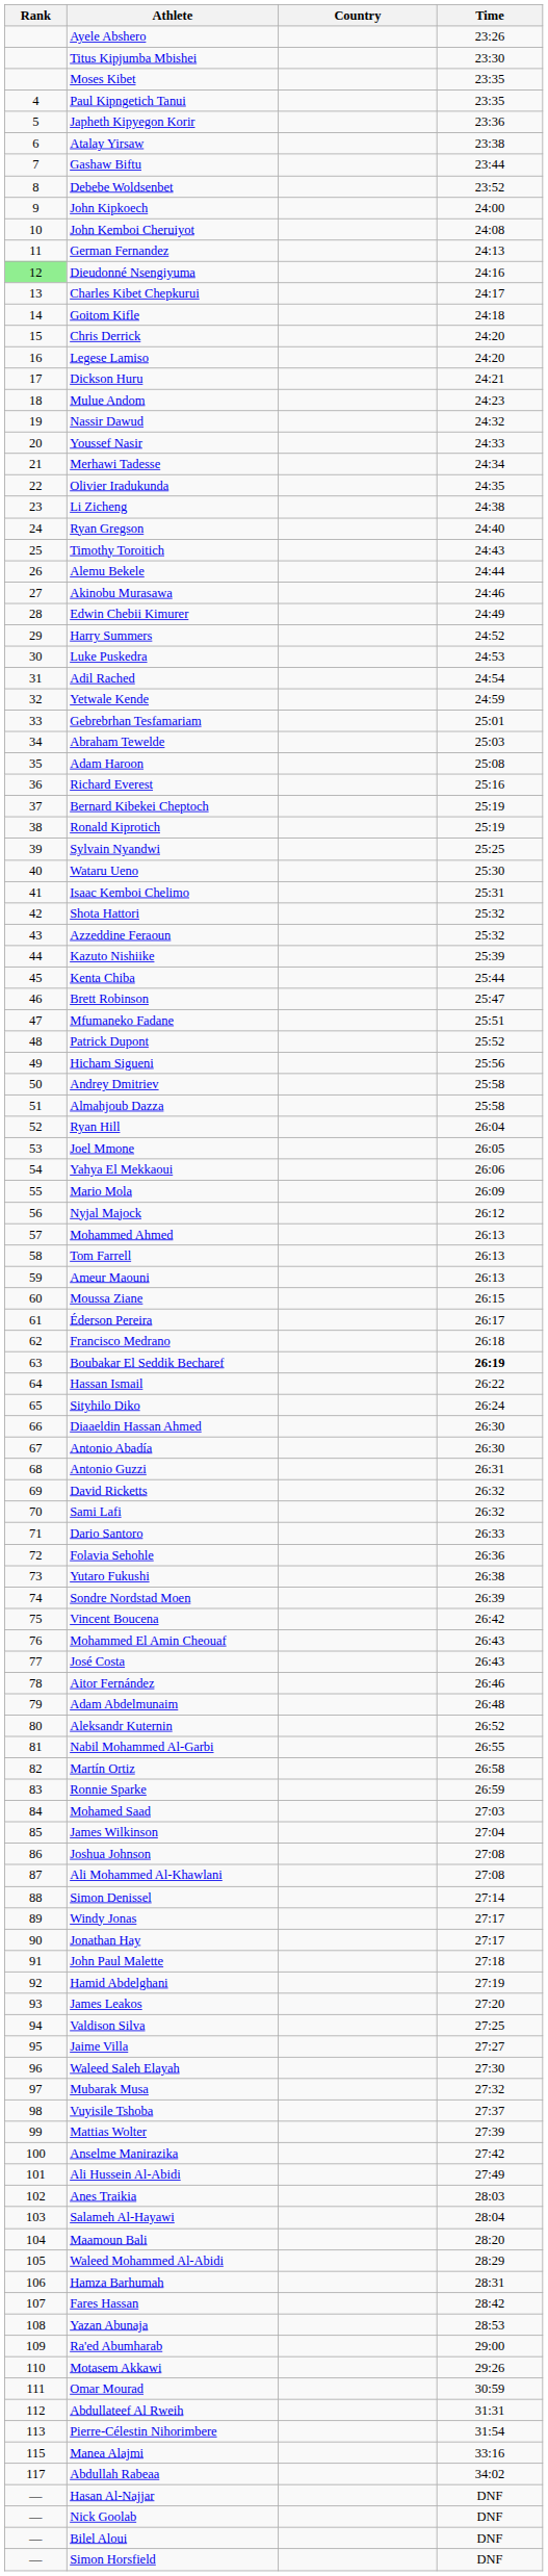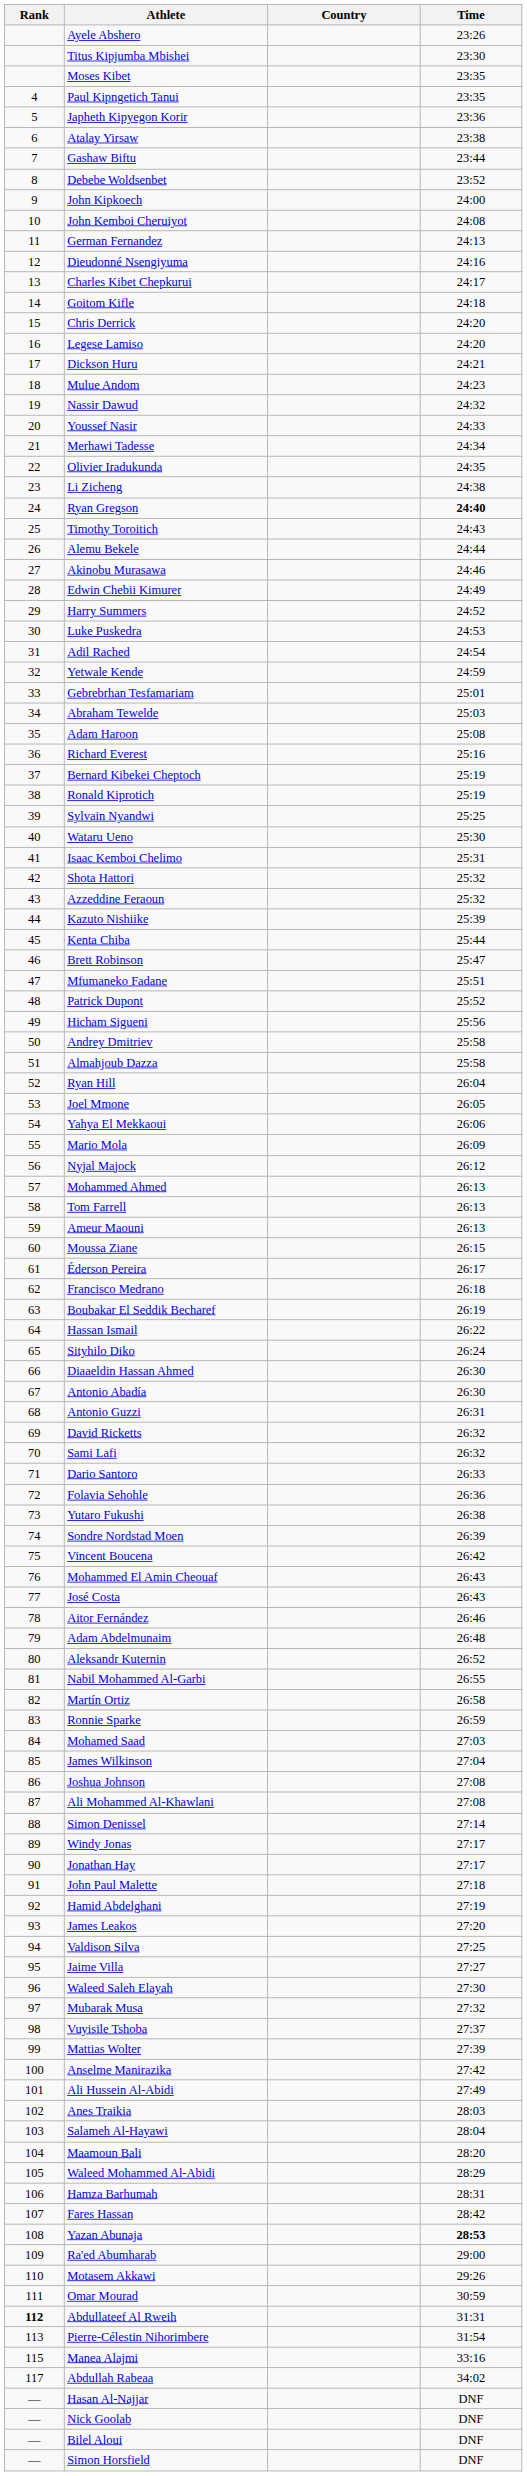 <table class="wikitable sortable" style=" text-align:center; font-size:95%;" width="50%">
 <tr>
 <th width=5%>Rank</th>
 <th width=20%>Athlete</th>
 <th width=15%>Country</th>
 <th width=10%>Time</th>
 </tr>
 <tr>
 <td align=center></td>
 <td align=left><a href='#'>Ayele Abshero</a></td>
 <td align=left></td>
 <td>23:26</td>
 </tr>
 <tr>
 <td align=center></td>
 <td align=left><a href='#'>Titus Kipjumba Mbishei</a></td>
 <td align=left></td>
 <td>23:30</td>
 </tr>
 <tr>
 <td align=center></td>
 <td align=left><a href='#'>Moses Kibet</a></td>
 <td align=left></td>
 <td>23:35</td>
 </tr>
 <tr>
 <td align=center>4</td>
 <td align=left><a href='#'>Paul Kipngetich Tanui</a></td>
 <td align=left></td>
 <td>23:35</td>
 </tr>
 <tr>
 <td align=center>5</td>
 <td align=left><a href='#'>Japheth Kipyegon Korir</a></td>
 <td align=left></td>
 <td>23:36</td>
 </tr>
 <tr>
 <td align=center>6</td>
 <td align=left><a href='#'>Atalay Yirsaw</a></td>
 <td align=left></td>
 <td>23:38</td>
 </tr>
 <tr>
 <td align=center>7</td>
 <td align=left><a href='#'>Gashaw Biftu</a></td>
 <td align=left></td>
 <td>23:44</td>
 </tr>
 <tr>
 <td align=center>8</td>
 <td align=left><a href='#'>Debebe Woldsenbet</a></td>
 <td align=left></td>
 <td>23:52</td>
 </tr>
 <tr>
 <td align=center>9</td>
 <td align=left><a href='#'>John Kipkoech</a></td>
 <td align=left></td>
 <td>24:00</td>
 </tr>
 <tr>
 <td align=center>10</td>
 <td align=left><a href='#'>John Kemboi Cheruiyot</a></td>
 <td align=left></td>
 <td>24:08</td>
 </tr>
 <tr>
 <td align=center>11</td>
 <td align=left><a href='#'>German Fernandez</a></td>
 <td align=left></td>
 <td>24:13</td>
 </tr>
 <tr>
-<td align=center style="background: lightgreen;">12</td>
+<td align=center>12</td>
 <td align=left><a href='#'>Dieudonné Nsengiyuma</a></td>
 <td align=left></td>
 <td>24:16</td>
 </tr>
 <tr>
 <td align=center>13</td>
 <td align=left><a href='#'>Charles Kibet Chepkurui</a></td>
 <td align=left></td>
 <td>24:17</td>
 </tr>
 <tr>
 <td align=center>14</td>
 <td align=left><a href='#'>Goitom Kifle</a></td>
 <td align=left></td>
 <td>24:18</td>
 </tr>
 <tr>
 <td align=center>15</td>
 <td align=left><a href='#'>Chris Derrick</a></td>
 <td align=left></td>
 <td>24:20</td>
 </tr>
 <tr>
 <td align=center>16</td>
 <td align=left><a href='#'>Legese Lamiso</a></td>
 <td align=left></td>
 <td>24:20</td>
 </tr>
 <tr>
 <td align=center>17</td>
 <td align=left><a href='#'>Dickson Huru</a></td>
 <td align=left></td>
 <td>24:21</td>
 </tr>
 <tr>
 <td align=center>18</td>
 <td align=left><a href='#'>Mulue Andom</a></td>
 <td align=left></td>
 <td>24:23</td>
 </tr>
 <tr>
 <td align=center>19</td>
 <td align=left><a href='#'>Nassir Dawud</a></td>
 <td align=left></td>
 <td>24:32</td>
 </tr>
 <tr>
 <td align=center>20</td>
 <td align=left><a href='#'>Youssef Nasir</a></td>
 <td align=left></td>
 <td>24:33</td>
 </tr>
 <tr>
 <td align=center>21</td>
 <td align=left><a href='#'>Merhawi Tadesse</a></td>
 <td align=left></td>
 <td>24:34</td>
 </tr>
 <tr>
 <td align=center>22</td>
 <td align=left><a href='#'>Olivier Iradukunda</a></td>
 <td align=left></td>
 <td>24:35</td>
 </tr>
 <tr>
 <td align=center>23</td>
 <td align=left><a href='#'>Li Zicheng</a></td>
 <td align=left></td>
 <td>24:38</td>
 </tr>
 <tr>
 <td align=center>24</td>
 <td align=left><a href='#'>Ryan Gregson</a></td>
 <td align=left></td>
-<td>24:40</td>
+<td><strong>24:40</strong></td>
 </tr>
 <tr>
 <td align=center>25</td>
 <td align=left><a href='#'>Timothy Toroitich</a></td>
 <td align=left></td>
 <td>24:43</td>
 </tr>
 <tr>
 <td align=center>26</td>
 <td align=left><a href='#'>Alemu Bekele</a></td>
 <td align=left></td>
 <td>24:44</td>
 </tr>
 <tr>
 <td align=center>27</td>
 <td align=left><a href='#'>Akinobu Murasawa</a></td>
 <td align=left></td>
 <td>24:46</td>
 </tr>
 <tr>
 <td align=center>28</td>
 <td align=left><a href='#'>Edwin Chebii Kimurer</a></td>
 <td align=left></td>
 <td>24:49</td>
 </tr>
 <tr>
 <td align=center>29</td>
 <td align=left><a href='#'>Harry Summers</a></td>
 <td align=left></td>
 <td>24:52</td>
 </tr>
 <tr>
 <td align=center>30</td>
 <td align=left><a href='#'>Luke Puskedra</a></td>
 <td align=left></td>
 <td>24:53</td>
 </tr>
 <tr>
 <td align=center>31</td>
 <td align=left><a href='#'>Adil Rached</a></td>
 <td align=left></td>
 <td>24:54</td>
 </tr>
 <tr>
 <td align=center>32</td>
 <td align=left><a href='#'>Yetwale Kende</a></td>
 <td align=left></td>
 <td>24:59</td>
 </tr>
 <tr>
 <td align=center>33</td>
 <td align=left><a href='#'>Gebrebrhan Tesfamariam</a></td>
 <td align=left></td>
 <td>25:01</td>
 </tr>
 <tr>
 <td align=center>34</td>
 <td align=left><a href='#'>Abraham Tewelde</a></td>
 <td align=left></td>
 <td>25:03</td>
 </tr>
 <tr>
 <td align=center>35</td>
 <td align=left><a href='#'>Adam Haroon</a></td>
 <td align=left></td>
 <td>25:08</td>
 </tr>
 <tr>
 <td align=center>36</td>
 <td align=left><a href='#'>Richard Everest</a></td>
 <td align=left></td>
 <td>25:16</td>
 </tr>
 <tr>
 <td align=center>37</td>
 <td align=left><a href='#'>Bernard Kibekei Cheptoch</a></td>
 <td align=left></td>
 <td>25:19</td>
 </tr>
 <tr>
 <td align=center>38</td>
 <td align=left><a href='#'>Ronald Kiprotich</a></td>
 <td align=left></td>
 <td>25:19</td>
 </tr>
 <tr>
 <td align=center>39</td>
 <td align=left><a href='#'>Sylvain Nyandwi</a></td>
 <td align=left></td>
 <td>25:25</td>
 </tr>
 <tr>
 <td align=center>40</td>
 <td align=left><a href='#'>Wataru Ueno</a></td>
 <td align=left></td>
 <td>25:30</td>
 </tr>
 <tr>
 <td align=center>41</td>
 <td align=left><a href='#'>Isaac Kemboi Chelimo</a></td>
 <td align=left></td>
 <td>25:31</td>
 </tr>
 <tr>
 <td align=center>42</td>
 <td align=left><a href='#'>Shota Hattori</a></td>
 <td align=left></td>
 <td>25:32</td>
 </tr>
 <tr>
 <td align=center>43</td>
 <td align=left><a href='#'>Azzeddine Feraoun</a></td>
 <td align=left></td>
 <td>25:32</td>
 </tr>
 <tr>
 <td align=center>44</td>
 <td align=left><a href='#'>Kazuto Nishiike</a></td>
 <td align=left></td>
 <td>25:39</td>
 </tr>
 <tr>
 <td align=center>45</td>
 <td align=left><a href='#'>Kenta Chiba</a></td>
 <td align=left></td>
 <td>25:44</td>
 </tr>
 <tr>
 <td align=center>46</td>
 <td align=left><a href='#'>Brett Robinson</a></td>
 <td align=left></td>
 <td>25:47</td>
 </tr>
 <tr>
 <td align=center>47</td>
 <td align=left><a href='#'>Mfumaneko Fadane</a></td>
 <td align=left></td>
 <td>25:51</td>
 </tr>
 <tr>
 <td align=center>48</td>
 <td align=left><a href='#'>Patrick Dupont</a></td>
 <td align=left></td>
 <td>25:52</td>
 </tr>
 <tr>
 <td align=center>49</td>
 <td align=left><a href='#'>Hicham Sigueni</a></td>
 <td align=left></td>
 <td>25:56</td>
 </tr>
 <tr>
 <td align=center>50</td>
 <td align=left><a href='#'>Andrey Dmitriev</a></td>
 <td align=left></td>
 <td>25:58</td>
 </tr>
 <tr>
 <td align=center>51</td>
 <td align=left><a href='#'>Almahjoub Dazza</a></td>
 <td align=left></td>
 <td>25:58</td>
 </tr>
 <tr>
 <td align=center>52</td>
 <td align=left><a href='#'>Ryan Hill</a></td>
 <td align=left></td>
 <td>26:04</td>
 </tr>
 <tr>
 <td align=center>53</td>
 <td align=left><a href='#'>Joel Mmone</a></td>
 <td align=left></td>
 <td>26:05</td>
 </tr>
 <tr>
 <td align=center>54</td>
 <td align=left><a href='#'>Yahya El Mekkaoui</a></td>
 <td align=left></td>
 <td>26:06</td>
 </tr>
 <tr>
 <td align=center>55</td>
 <td align=left><a href='#'>Mario Mola</a></td>
 <td align=left></td>
 <td>26:09</td>
 </tr>
 <tr>
 <td align=center>56</td>
 <td align=left><a href='#'>Nyjal Majock</a></td>
 <td align=left></td>
 <td>26:12</td>
 </tr>
 <tr>
 <td align=center>57</td>
 <td align=left><a href='#'>Mohammed Ahmed</a></td>
 <td align=left></td>
 <td>26:13</td>
 </tr>
 <tr>
 <td align=center>58</td>
 <td align=left><a href='#'>Tom Farrell</a></td>
 <td align=left></td>
 <td>26:13</td>
 </tr>
 <tr>
 <td align=center>59</td>
 <td align=left><a href='#'>Ameur Maouni</a></td>
 <td align=left></td>
 <td>26:13</td>
 </tr>
 <tr>
 <td align=center>60</td>
 <td align=left><a href='#'>Moussa Ziane</a></td>
 <td align=left></td>
 <td>26:15</td>
 </tr>
 <tr>
 <td align=center>61</td>
 <td align=left><a href='#'>Éderson Pereira</a></td>
 <td align=left></td>
 <td>26:17</td>
 </tr>
 <tr>
 <td align=center>62</td>
 <td align=left><a href='#'>Francisco Medrano</a></td>
 <td align=left></td>
 <td>26:18</td>
 </tr>
 <tr>
 <td align=center>63</td>
 <td align=left><a href='#'>Boubakar El Seddik Becharef</a></td>
 <td align=left></td>
-<td><strong>26:19</strong></td>
+<td>26:19</td>
 </tr>
 <tr>
 <td align=center>64</td>
 <td align=left><a href='#'>Hassan Ismail</a></td>
 <td align=left></td>
 <td>26:22</td>
 </tr>
 <tr>
 <td align=center>65</td>
 <td align=left><a href='#'>Sityhilo Diko</a></td>
 <td align=left></td>
 <td>26:24</td>
 </tr>
 <tr>
 <td align=center>66</td>
 <td align=left><a href='#'>Diaaeldin Hassan Ahmed</a></td>
 <td align=left></td>
 <td>26:30</td>
 </tr>
 <tr>
 <td align=center>67</td>
 <td align=left><a href='#'>Antonio Abadía</a></td>
 <td align=left></td>
 <td>26:30</td>
 </tr>
 <tr>
 <td align=center>68</td>
 <td align=left><a href='#'>Antonio Guzzi</a></td>
 <td align=left></td>
 <td>26:31</td>
 </tr>
 <tr>
 <td align=center>69</td>
 <td align=left><a href='#'>David Ricketts</a></td>
 <td align=left></td>
 <td>26:32</td>
 </tr>
 <tr>
 <td align=center>70</td>
 <td align=left><a href='#'>Sami Lafi</a></td>
 <td align=left></td>
 <td>26:32</td>
 </tr>
 <tr>
 <td align=center>71</td>
 <td align=left><a href='#'>Dario Santoro</a></td>
 <td align=left></td>
 <td>26:33</td>
 </tr>
 <tr>
 <td align=center>72</td>
 <td align=left><a href='#'>Folavia Sehohle</a></td>
 <td align=left></td>
 <td>26:36</td>
 </tr>
 <tr>
 <td align=center>73</td>
 <td align=left><a href='#'>Yutaro Fukushi</a></td>
 <td align=left></td>
 <td>26:38</td>
 </tr>
 <tr>
 <td align=center>74</td>
 <td align=left><a href='#'>Sondre Nordstad Moen</a></td>
 <td align=left></td>
 <td>26:39</td>
 </tr>
 <tr>
 <td align=center>75</td>
 <td align=left><a href='#'>Vincent Boucena</a></td>
 <td align=left></td>
 <td>26:42</td>
 </tr>
 <tr>
 <td align=center>76</td>
 <td align=left><a href='#'>Mohammed El Amin Cheouaf</a></td>
 <td align=left></td>
 <td>26:43</td>
 </tr>
 <tr>
 <td align=center>77</td>
 <td align=left><a href='#'>José Costa</a></td>
 <td align=left></td>
 <td>26:43</td>
 </tr>
 <tr>
 <td align=center>78</td>
 <td align=left><a href='#'>Aitor Fernández</a></td>
 <td align=left></td>
 <td>26:46</td>
 </tr>
 <tr>
 <td align=center>79</td>
 <td align=left><a href='#'>Adam Abdelmunaim</a></td>
 <td align=left></td>
 <td>26:48</td>
 </tr>
 <tr>
 <td align=center>80</td>
 <td align=left><a href='#'>Aleksandr Kuternin</a></td>
 <td align=left></td>
 <td>26:52</td>
 </tr>
 <tr>
 <td align=center>81</td>
 <td align=left><a href='#'>Nabil Mohammed Al-Garbi</a></td>
 <td align=left></td>
 <td>26:55</td>
 </tr>
 <tr>
 <td align=center>82</td>
 <td align=left><a href='#'>Martín Ortiz</a></td>
 <td align=left></td>
 <td>26:58</td>
 </tr>
 <tr>
 <td align=center>83</td>
 <td align=left><a href='#'>Ronnie Sparke</a></td>
 <td align=left></td>
 <td>26:59</td>
 </tr>
 <tr>
 <td align=center>84</td>
 <td align=left><a href='#'>Mohamed Saad</a></td>
 <td align=left></td>
 <td>27:03</td>
 </tr>
 <tr>
 <td align=center>85</td>
 <td align=left><a href='#'>James Wilkinson</a></td>
 <td align=left></td>
 <td>27:04</td>
 </tr>
 <tr>
 <td align=center>86</td>
 <td align=left><a href='#'>Joshua Johnson</a></td>
 <td align=left></td>
 <td>27:08</td>
 </tr>
 <tr>
 <td align=center>87</td>
 <td align=left><a href='#'>Ali Mohammed Al-Khawlani</a></td>
 <td align=left></td>
 <td>27:08</td>
 </tr>
 <tr>
 <td align=center>88</td>
 <td align=left><a href='#'>Simon Denissel</a></td>
 <td align=left></td>
 <td>27:14</td>
 </tr>
 <tr>
 <td align=center>89</td>
 <td align=left><a href='#'>Windy Jonas</a></td>
 <td align=left></td>
 <td>27:17</td>
 </tr>
 <tr>
 <td align=center>90</td>
 <td align=left><a href='#'>Jonathan Hay</a></td>
 <td align=left></td>
 <td>27:17</td>
 </tr>
 <tr>
 <td align=center>91</td>
 <td align=left><a href='#'>John Paul Malette</a></td>
 <td align=left></td>
 <td>27:18</td>
 </tr>
 <tr>
 <td align=center>92</td>
 <td align=left><a href='#'>Hamid Abdelghani</a></td>
 <td align=left></td>
 <td>27:19</td>
 </tr>
 <tr>
 <td align=center>93</td>
 <td align=left><a href='#'>James Leakos</a></td>
 <td align=left></td>
 <td>27:20</td>
 </tr>
 <tr>
 <td align=center>94</td>
 <td align=left><a href='#'>Valdison Silva</a></td>
 <td align=left></td>
 <td>27:25</td>
 </tr>
 <tr>
 <td align=center>95</td>
 <td align=left><a href='#'>Jaime Villa</a></td>
 <td align=left></td>
 <td>27:27</td>
 </tr>
 <tr>
 <td align=center>96</td>
 <td align=left><a href='#'>Waleed Saleh Elayah</a></td>
 <td align=left></td>
 <td>27:30</td>
 </tr>
 <tr>
 <td align=center>97</td>
 <td align=left><a href='#'>Mubarak Musa</a></td>
 <td align=left></td>
 <td>27:32</td>
 </tr>
 <tr>
 <td align=center>98</td>
 <td align=left><a href='#'>Vuyisile Tshoba</a></td>
 <td align=left></td>
 <td>27:37</td>
 </tr>
 <tr>
 <td align=center>99</td>
 <td align=left><a href='#'>Mattias Wolter</a></td>
 <td align=left></td>
 <td>27:39</td>
 </tr>
 <tr>
 <td align=center>100</td>
 <td align=left><a href='#'>Anselme Manirazika</a></td>
 <td align=left></td>
 <td>27:42</td>
 </tr>
 <tr>
 <td align=center>101</td>
 <td align=left><a href='#'>Ali Hussein Al-Abidi</a></td>
 <td align=left></td>
 <td>27:49</td>
 </tr>
 <tr>
 <td align=center>102</td>
 <td align=left><a href='#'>Anes Traikia</a></td>
 <td align=left></td>
 <td>28:03</td>
 </tr>
 <tr>
 <td align=center>103</td>
 <td align=left><a href='#'>Salameh Al-Hayawi</a></td>
 <td align=left></td>
 <td>28:04</td>
 </tr>
 <tr>
 <td align=center>104</td>
 <td align=left><a href='#'>Maamoun Bali</a></td>
 <td align=left></td>
 <td>28:20</td>
 </tr>
 <tr>
 <td align=center>105</td>
 <td align=left><a href='#'>Waleed Mohammed Al-Abidi</a></td>
 <td align=left></td>
 <td>28:29</td>
 </tr>
 <tr>
 <td align=center>106</td>
 <td align=left><a href='#'>Hamza Barhumah</a></td>
 <td align=left></td>
 <td>28:31</td>
 </tr>
 <tr>
 <td align=center>107</td>
 <td align=left><a href='#'>Fares Hassan</a></td>
 <td align=left></td>
 <td>28:42</td>
 </tr>
 <tr>
 <td align=center>108</td>
 <td align=left><a href='#'>Yazan Abunaja</a></td>
 <td align=left></td>
-<td>28:53</td>
+<td><strong>28:53</strong></td>
 </tr>
 <tr>
 <td align=center>109</td>
 <td align=left><a href='#'>Ra'ed Abumharab</a></td>
 <td align=left></td>
 <td>29:00</td>
 </tr>
 <tr>
 <td align=center>110</td>
 <td align=left><a href='#'>Motasem Akkawi</a></td>
 <td align=left></td>
 <td>29:26</td>
 </tr>
 <tr>
 <td align=center>111</td>
 <td align=left><a href='#'>Omar Mourad</a></td>
 <td align=left></td>
 <td>30:59</td>
 </tr>
 <tr>
-<td align=center>112</td>
+<td align=center><strong>112</strong></td>
 <td align=left><a href='#'>Abdullateef Al Rweih</a></td>
 <td align=left></td>
 <td>31:31</td>
 </tr>
 <tr>
 <td align=center>113</td>
 <td align=left><a href='#'>Pierre-Célestin Nihorimbere</a></td>
 <td align=left></td>
 <td>31:54</td>
 </tr>
 <tr>
 <td align=center>115</td>
 <td align=left><a href='#'>Manea Alajmi</a></td>
 <td align=left></td>
 <td>33:16</td>
 </tr>
 <tr>
 <td align=center>117</td>
 <td align=left><a href='#'>Abdullah Rabeaa</a></td>
 <td align=left></td>
 <td>34:02</td>
 </tr>
 <tr>
 <td align=center>—</td>
 <td align=left><a href='#'>Hasan Al-Najjar</a></td>
 <td align=left></td>
 <td>DNF</td>
 </tr>
 <tr>
 <td align=center>—</td>
 <td align=left><a href='#'>Nick Goolab</a></td>
 <td align=left></td>
 <td>DNF</td>
 </tr>
 <tr>
 <td align=center>—</td>
 <td align=left><a href='#'>Bilel Aloui</a></td>
 <td align=left></td>
 <td>DNF</td>
 </tr>
 <tr>
 <td align=center>—</td>
 <td align=left><a href='#'>Simon Horsfield</a></td>
 <td align=left></td>
 <td>DNF</td>
 </tr>
 </table>
